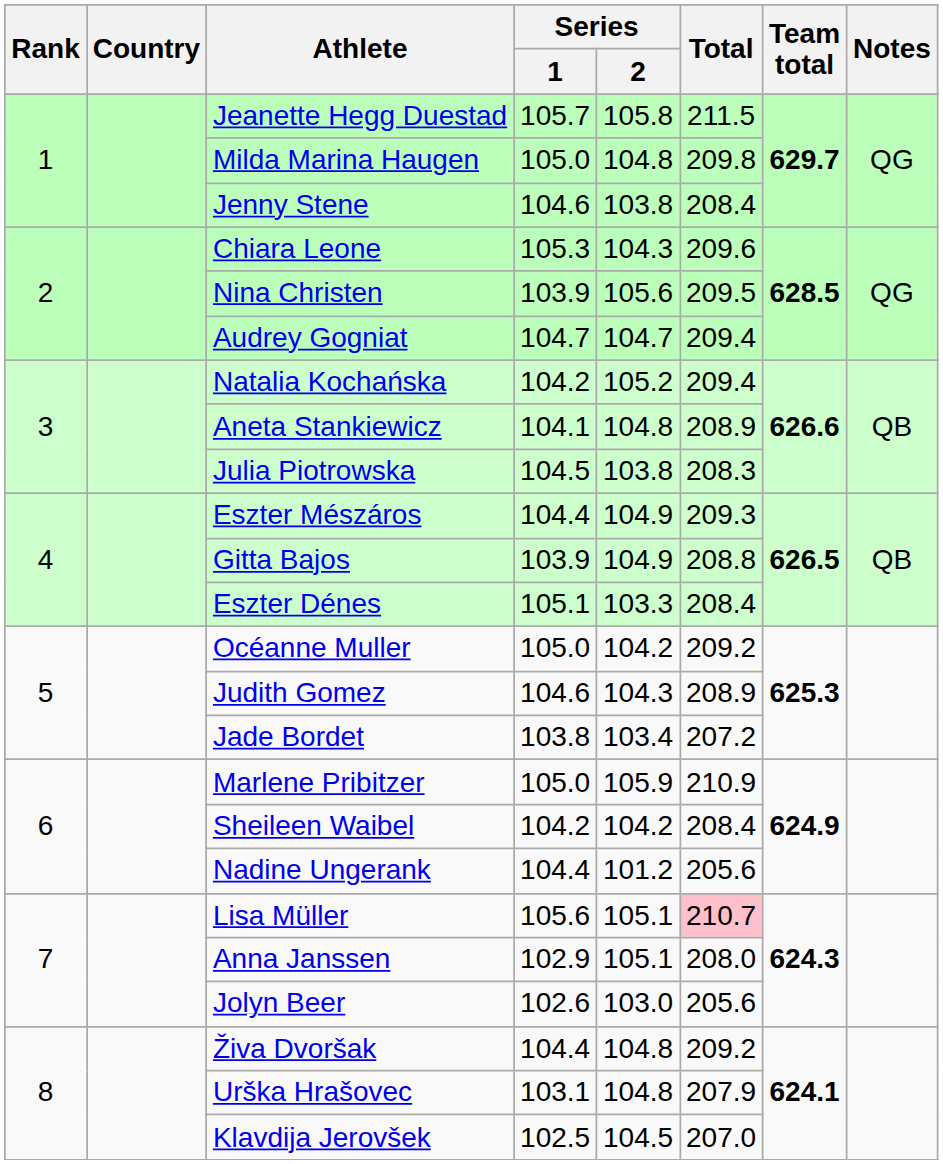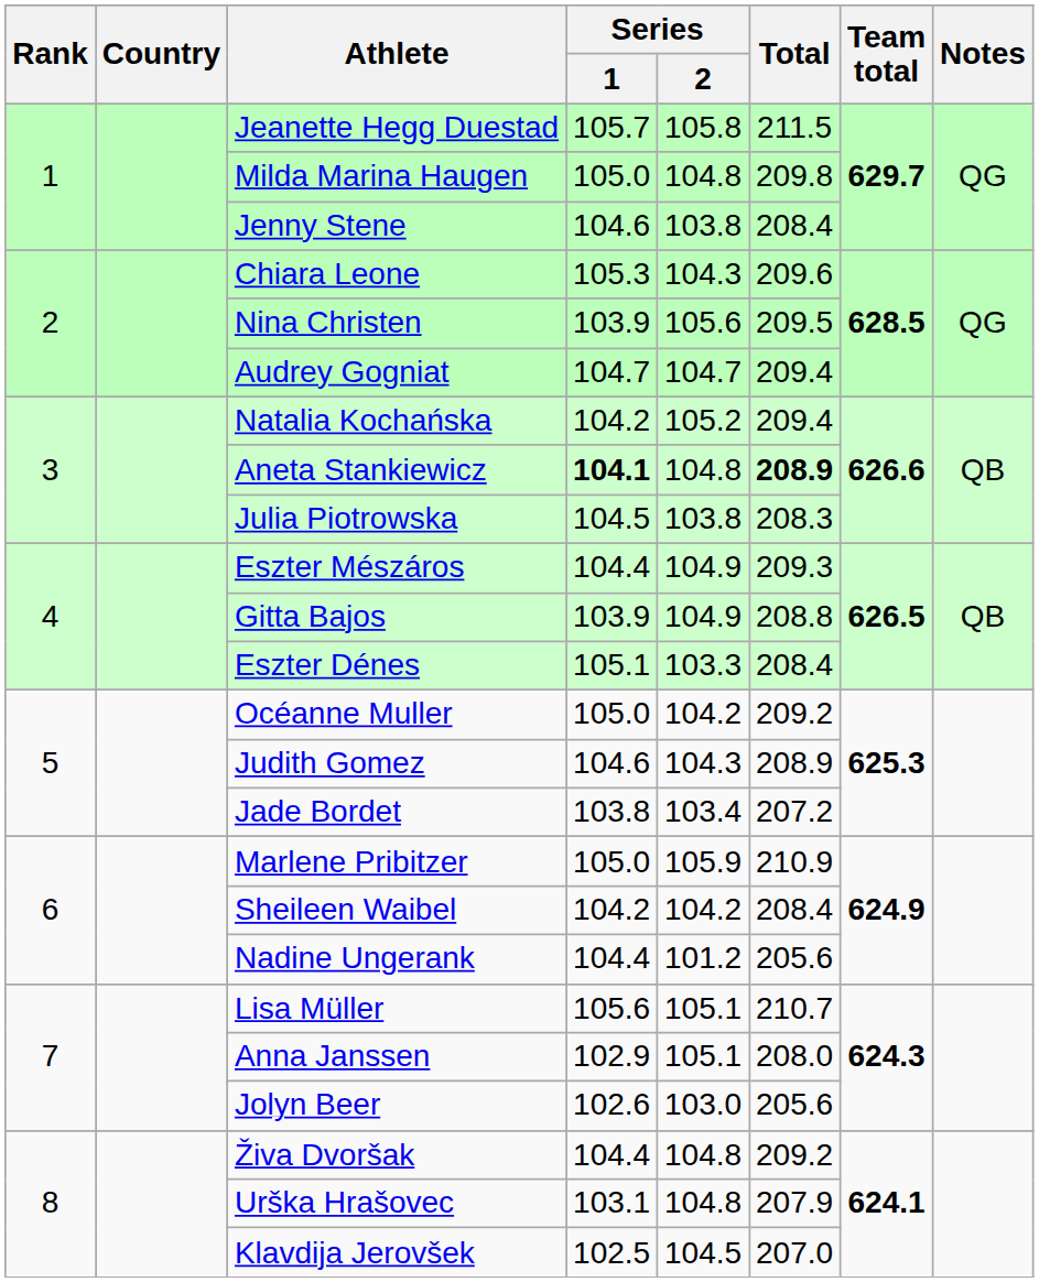 <table class="wikitable sortable" style="text-align:center">
 <tr>
 <th rowspan=2>Rank</th>
 <th rowspan=2>Country</th>
 <th rowspan=2>Athlete</th>
 <th colspan=2>Series</th>
 <th rowspan=2>Total</th>
 <th rowspan=2>Team<br>total</th>
 <th rowspan=2>Notes</th>
 </tr>
 <tr>
 <th width="40px">1</th>
 <th width="40px">2</th>
 </tr>
 <tr bgcolor="bbffbb">
 <td rowspan=3>1</td>
 <td rowspan=3 align=left></td>
 <td align=left><a href='#'>Jeanette Hegg Duestad</a></td>
 <td>105.7</td>
 <td>105.8</td>
 <td>211.5</td>
 <td rowspan=3><strong>629.7</strong></td>
 <td rowspan=3>QG</td>
 </tr>
 <tr bgcolor=bbffbb>
 <td align=left><a href='#'>Milda Marina Haugen</a></td>
 <td>105.0</td>
 <td>104.8</td>
 <td>209.8</td>
 </tr>
 <tr bgcolor="bbffbb">
 <td align=left><a href='#'>Jenny Stene</a></td>
 <td>104.6</td>
 <td>103.8</td>
 <td>208.4</td>
 </tr>
 <tr bgcolor=bbffbb>
 <td rowspan=3>2</td>
 <td rowspan=3 align=left></td>
 <td align=left><a href='#'>Chiara Leone</a></td>
 <td>105.3</td>
 <td>104.3</td>
 <td>209.6</td>
 <td rowspan=3><strong>628.5</strong></td>
 <td rowspan=3>QG</td>
 </tr>
 <tr bgcolor=bbffbb>
 <td align=left><a href='#'>Nina Christen</a></td>
 <td>103.9</td>
 <td>105.6</td>
 <td>209.5</td>
 </tr>
 <tr bgcolor=bbffbb>
 <td align=left><a href='#'>Audrey Gogniat</a></td>
 <td>104.7</td>
 <td>104.7</td>
 <td>209.4</td>
 </tr>
 <tr bgcolor=ccffcc>
 <td rowspan=3>3</td>
 <td rowspan=3 align=left></td>
 <td align=left><a href='#'>Natalia Kochańska</a></td>
 <td>104.2</td>
 <td>105.2</td>
 <td>209.4</td>
 <td rowspan=3><strong>626.6</strong></td>
 <td rowspan=3>QB</td>
 </tr>
 <tr bgcolor=ccffcc>
 <td align=left><a href='#'>Aneta Stankiewicz</a></td>
-<td>104.1</td>
+<td><strong>104.1</strong></td>
 <td>104.8</td>
-<td>208.9</td>
+<td><strong>208.9</strong></td>
 </tr>
 <tr bgcolor=ccffcc>
 <td align=left><a href='#'>Julia Piotrowska</a></td>
 <td>104.5</td>
 <td>103.8</td>
 <td>208.3</td>
 </tr>
 <tr bgcolor=ccffcc>
 <td rowspan=3>4</td>
 <td rowspan=3 align=left></td>
 <td align=left><a href='#'>Eszter Mészáros</a></td>
 <td>104.4</td>
 <td>104.9</td>
 <td>209.3</td>
 <td rowspan=3><strong>626.5</strong></td>
 <td rowspan=3>QB</td>
 </tr>
 <tr bgcolor=ccffcc>
 <td align=left><a href='#'>Gitta Bajos</a></td>
 <td>103.9</td>
 <td>104.9</td>
 <td>208.8</td>
 </tr>
 <tr bgcolor=ccffcc>
 <td align=left><a href='#'>Eszter Dénes</a></td>
 <td>105.1</td>
 <td>103.3</td>
 <td>208.4</td>
 </tr>
 <tr>
 <td rowspan=3>5</td>
 <td rowspan=3 align=left></td>
 <td align=left><a href='#'>Océanne Muller</a></td>
 <td>105.0</td>
 <td>104.2</td>
 <td>209.2</td>
 <td rowspan=3><strong>625.3</strong></td>
 <td rowspan=3></td>
 </tr>
 <tr>
 <td align=left><a href='#'>Judith Gomez</a></td>
 <td>104.6</td>
 <td>104.3</td>
 <td>208.9</td>
 </tr>
 <tr>
 <td align=left><a href='#'>Jade Bordet</a></td>
 <td>103.8</td>
 <td>103.4</td>
 <td>207.2</td>
 </tr>
 <tr>
 <td rowspan=3>6</td>
 <td rowspan=3 align=left></td>
 <td align=left><a href='#'>Marlene Pribitzer</a></td>
 <td>105.0</td>
 <td>105.9</td>
 <td>210.9</td>
 <td rowspan=3><strong>624.9</strong></td>
 <td rowspan=3></td>
 </tr>
 <tr>
 <td align=left><a href='#'>Sheileen Waibel</a></td>
 <td>104.2</td>
 <td>104.2</td>
 <td>208.4</td>
 </tr>
 <tr>
 <td align=left><a href='#'>Nadine Ungerank</a></td>
 <td>104.4</td>
 <td>101.2</td>
 <td>205.6</td>
 </tr>
 <tr>
 <td rowspan=3>7</td>
 <td rowspan=3 align=left></td>
 <td align=left><a href='#'>Lisa Müller</a></td>
 <td>105.6</td>
 <td>105.1</td>
-<td style="background: pink;">210.7</td>
+<td>210.7</td>
 <td rowspan=3><strong>624.3</strong></td>
 <td rowspan=3></td>
 </tr>
 <tr>
 <td align=left><a href='#'>Anna Janssen</a></td>
 <td>102.9</td>
 <td>105.1</td>
 <td>208.0</td>
 </tr>
 <tr>
 <td align=left><a href='#'>Jolyn Beer</a></td>
 <td>102.6</td>
 <td>103.0</td>
 <td>205.6</td>
 </tr>
 <tr>
 <td rowspan=3>8</td>
 <td rowspan=3 align=left></td>
 <td align=left><a href='#'>Živa Dvoršak</a></td>
 <td>104.4</td>
 <td>104.8</td>
 <td>209.2</td>
 <td rowspan=3><strong>624.1</strong></td>
 <td rowspan=3></td>
 </tr>
 <tr>
 <td align=left><a href='#'>Urška Hrašovec</a></td>
 <td>103.1</td>
 <td>104.8</td>
 <td>207.9</td>
 </tr>
 <tr>
 <td align=left><a href='#'>Klavdija Jerovšek</a></td>
 <td>102.5</td>
 <td>104.5</td>
 <td>207.0</td>
 </tr>
 </table>
